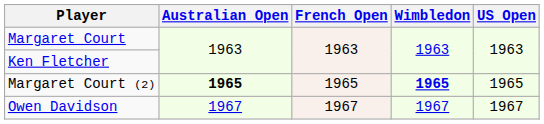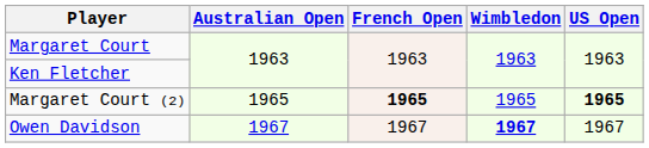 <table class=wikitable style="text-align:center">
 <tr>
 <th>Player</th>
 <th><a href='#'>Australian Open</a></th>
 <th><a href='#'>French Open</a></th>
 <th><a href='#'>Wimbledon</a></th>
 <th><a href='#'>US Open</a></th>
 </tr>
 <tr>
 <td style="text-align: left;"> <a href='#'>Margaret Court</a></td>
 <td rowspan="2" bgcolor=f2ffe6>1963</td>
 <td rowspan="2" bgcolor=f9f0eb>1963</td>
 <td rowspan="2" bgcolor=f2ffe6><a href='#'>1963</a></td>
 <td rowspan="2" bgcolor=f2ffe6>1963</td>
 </tr>
 <tr>
 <td style="text-align: left;"> <a href='#'>Ken Fletcher</a></td>
 </tr>
 <tr>
 <td style="text-align: left;"> Margaret Court <small>(2)</small></td>
-<td bgcolor=f2ffe6><strong>1965</strong></td>
-<td bgcolor=f9f0eb>1965</td>
-<td style="background: #f2ffe6;"><strong><a href='#'>1965</a></strong></td>
-<td style="background: #f2ffe6;">1965</td>
+<td bgcolor=f2ffe6>1965</td>
+<td bgcolor=f9f0eb><strong>1965</strong></td>
+<td style="background: #f2ffe6;"><a href='#'>1965</a></td>
+<td style="background: #f2ffe6;"><strong>1965</strong></td>
 </tr>
 <tr>
 <td style="text-align: left;"> <a href='#'>Owen Davidson</a></td>
 <td bgcolor=f2ffe6><a href='#'>1967</a></td>
 <td bgcolor=f9f0eb>1967</td>
-<td bgcolor=f2ffe6><a href='#'>1967</a></td>
+<td bgcolor=f2ffe6><strong><a href='#'>1967</a></strong></td>
 <td bgcolor=f2ffe6>1967</td>
 </tr>
 </table>
